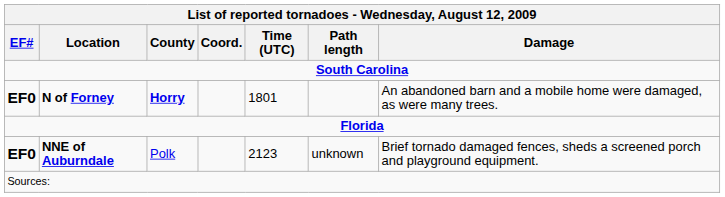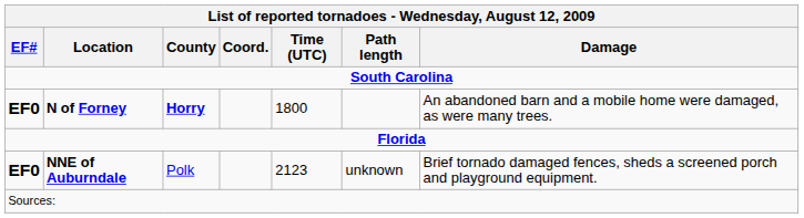 <table class="wikitable collapsible" style="width:100%;">
 <tr>
 <th colspan="7">List of reported tornadoes - Wednesday, August 12, 2009</th>
 </tr>
 <tr>
 <th><a href='#'>EF#</a></th>
 <th>Location</th>
 <th>County</th>
 <th>Coord.</th>
 <th>Time (UTC)</th>
 <th>Path length</th>
 <th>Damage</th>
 </tr>
 <tr>
 <td colspan="7" style="text-align:center;"><strong><a href='#'>South Carolina</a></strong></td>
 </tr>
 <tr>
 <td><big><strong>EF0</strong></big></td>
 <td><strong>N of <a href='#'>Forney</a></strong></td>
 <td><strong><a href='#'>Horry</a></strong></td>
 <td></td>
-<td>1801</td>
+<td>1800</td>
 <td></td>
 <td>An abandoned barn and a mobile home were damaged, as were many trees.</td>
 </tr>
 <tr>
 <td colspan="7" style="text-align:center;"><strong><a href='#'>Florida</a></strong></td>
 </tr>
 <tr>
 <td><big><strong>EF0</strong></big></td>
 <td><strong>NNE of <a href='#'>Auburndale</a></strong></td>
 <td><a href='#'>Polk</a></td>
 <td></td>
 <td>2123</td>
 <td>unknown</td>
 <td>Brief tornado damaged fences, sheds a screened porch and playground equipment.</td>
 </tr>
 <tr>
 <td colspan="7"><small>Sources: </small></td>
 </tr>
 </table>
